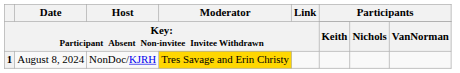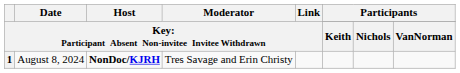 <table class="wikitable" style="text-align:center;">
 <tr>
 <th scope="col"></th>
 <th scope="col">Date</th>
 <th scope="col">Host</th>
 <th scope="col">Moderator</th>
 <th scope="col">Link</th>
 <th colspan="3" scope="col">Participants</th>
 </tr>
 <tr>
 <th colspan="5" rowspan="2">Key:<br> <small>Participant </small>  <small>Absent </small>  <small>Non-invitee </small>  <small>Invitee  Withdrawn</small></th>
 </tr>
 <tr>
 <th scope="col">Keith</th>
 <th scope="col">Nichols</th>
 <th scope="col">VanNorman</th>
 </tr>
 <tr>
 <th scope="row">1</th>
 <td style="white-space:nowrap;">August 8, 2024</td>
-<td style="white-space:nowrap;">NonDoc/<a href='#'>KJRH</a></td>
-<td style="background: gold; white-space:nowrap;">Tres Savage and Erin Christy</td>
+<td style="white-space:nowrap;"><strong>NonDoc/<a href='#'>KJRH</a></strong></td>
+<td style="white-space:nowrap;">Tres Savage and Erin Christy</td>
 <td style="white-space:nowrap;"></td>
 <td></td>
 <td></td>
 <td></td>
 </tr>
 </table>
